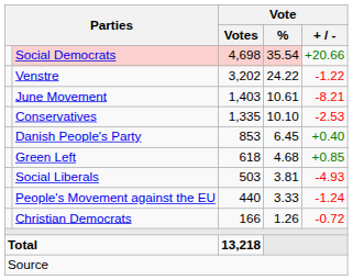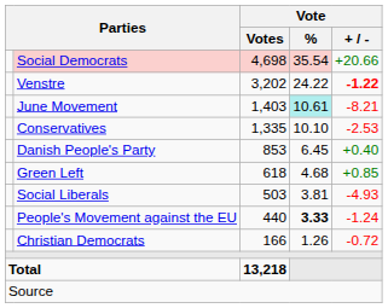 <table class="wikitable" style="text-align:right;">
 <tr>
 <th style="text-align:centre;" rowspan="2" colspan="2" width="225">Parties</th>
 <th colspan="3">Vote</th>
 </tr>
 <tr>
 <th width="15">Votes</th>
 <th width="15">%</th>
 <th width="15">+ / -</th>
 </tr>
 <tr>
 <td width="2" style="color:inherit;background:"></td>
 <td bgcolor=#fbd0ce   align="left"><a href='#'>Social Democrats</a></td>
 <td bgcolor=#fbd0ce>4,698</td>
 <td bgcolor=#fbd0ce>35.54</td>
 <td style=color:green;>+20.66</td>
 </tr>
 <tr>
 <td width="2" style="color:inherit;background:"></td>
 <td align="left"><a href='#'>Venstre</a></td>
 <td>3,202</td>
 <td>24.22</td>
-<td style=color:red;>-1.22</td>
+<td style=color:red;><strong>-1.22</strong></td>
 </tr>
 <tr>
 <td width="2" style="color:inherit;background:"></td>
 <td align="left"><a href='#'>June Movement</a></td>
 <td>1,403</td>
-<td>10.61</td>
+<td style="background: paleturquoise;">10.61</td>
 <td style=color:red;>-8.21</td>
 </tr>
 <tr>
 <td width="2" style="color:inherit;background:"></td>
 <td align="left"><a href='#'>Conservatives</a></td>
 <td>1,335</td>
 <td>10.10</td>
 <td style=color:red;>-2.53</td>
 </tr>
 <tr>
 <td width="2" style="color:inherit;background:"></td>
 <td align="left"><a href='#'>Danish People's Party</a></td>
 <td>853</td>
 <td>6.45</td>
 <td style=color:green;>+0.40</td>
 </tr>
 <tr>
 <td width="2" style="color:inherit;background:"></td>
 <td align="left"><a href='#'>Green Left</a></td>
 <td>618</td>
 <td>4.68</td>
 <td style=color:green;>+0.85</td>
 </tr>
 <tr>
 <td width="2" style="color:inherit;background:"></td>
 <td align="left"><a href='#'>Social Liberals</a></td>
 <td>503</td>
 <td>3.81</td>
 <td style=color:red;>-4.93</td>
 </tr>
 <tr>
 <td width="2" style="color:inherit;background:"></td>
 <td align="left"><a href='#'>People's Movement against the EU</a></td>
 <td>440</td>
-<td>3.33</td>
+<td><strong>3.33</strong></td>
 <td style=color:red;>-1.24</td>
 </tr>
 <tr>
 <td width="2" style="color:inherit;background:"></td>
 <td align="left"><a href='#'>Christian Democrats</a></td>
 <td>166</td>
 <td>1.26</td>
 <td style=color:red;>-0.72</td>
 </tr>
 <tr>
 <td colspan="7" bgcolor="#E9E9E9"></td>
 </tr>
 <tr>
 <td align="left" colspan="2"><strong>Total</strong></td>
 <td><strong>13,218</strong></td>
 <td bgcolor="#E9E9E9" colspan="2"></td>
 </tr>
 <tr>
 <td align="left" colspan="6">Source</td>
 </tr>
 </table>
